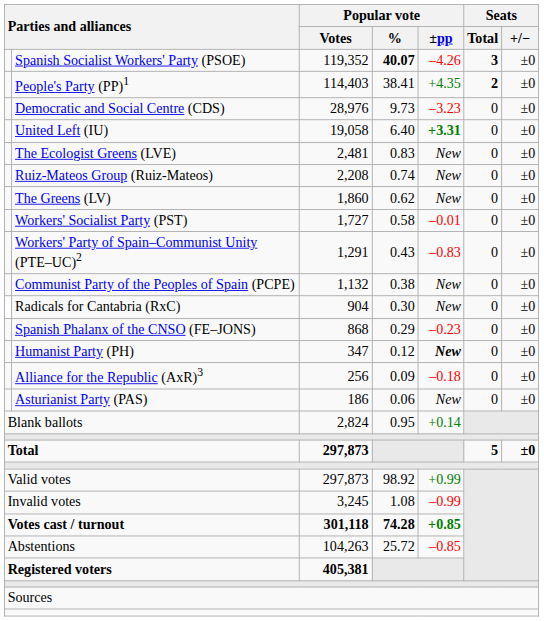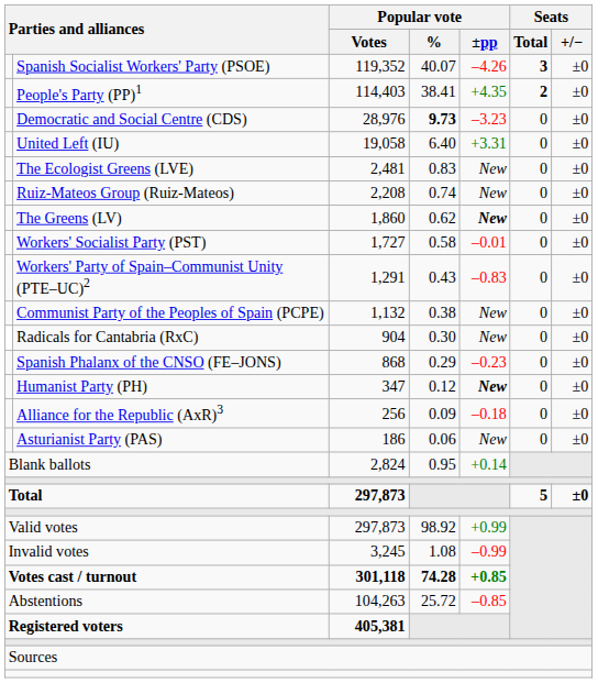 <table class="wikitable" style="text-align:right;">
 <tr>
 <th style="text-align:left;" rowspan="2" colspan="2" width="525">Parties and alliances</th>
 <th colspan="3">Popular vote</th>
 <th colspan="2">Seats</th>
 </tr>
 <tr>
 <th width="75">Votes</th>
 <th width="45">%</th>
 <th width="45">±<a href='#'>pp</a></th>
 <th width="35">Total</th>
 <th width="35">+/−</th>
 </tr>
 <tr>
 <td width="1" style="color:inherit;background:"></td>
 <td align="left"><a href='#'>Spanish Socialist Workers' Party</a> (PSOE)</td>
 <td>119,352</td>
-<td><strong>40.07</strong></td>
+<td>40.07</td>
 <td style="color:red;">–4.26</td>
 <td><strong>3</strong></td>
 <td>±0</td>
 </tr>
 <tr>
 <td style="color:inherit;background:"></td>
 <td align="left"><a href='#'>People's Party</a> (PP)<sup>1</sup></td>
 <td>114,403</td>
 <td>38.41</td>
 <td style="color:green;">+4.35</td>
 <td><strong>2</strong></td>
 <td>±0</td>
 </tr>
 <tr>
 <td style="color:inherit;background:"></td>
 <td align="left"><a href='#'>Democratic and Social Centre</a> (CDS)</td>
 <td>28,976</td>
-<td>9.73</td>
+<td><strong>9.73</strong></td>
 <td style="color:red;">–3.23</td>
 <td>0</td>
 <td>±0</td>
 </tr>
 <tr>
 <td style="color:inherit;background:"></td>
 <td align="left"><a href='#'>United Left</a> (IU)</td>
 <td>19,058</td>
 <td>6.40</td>
-<td style="color:green;"><strong>+3.31</strong></td>
+<td style="color:green;">+3.31</td>
 <td>0</td>
 <td>±0</td>
 </tr>
 <tr>
 <td style="color:inherit;background:"></td>
 <td align="left"><a href='#'>The Ecologist Greens</a> (LVE)</td>
 <td>2,481</td>
 <td>0.83</td>
 <td><em>New</em></td>
 <td>0</td>
 <td>±0</td>
 </tr>
 <tr>
 <td style="color:inherit;background:"></td>
 <td align="left"><a href='#'>Ruiz-Mateos Group</a> (Ruiz-Mateos)</td>
 <td>2,208</td>
 <td>0.74</td>
 <td><em>New</em></td>
 <td>0</td>
 <td>±0</td>
 </tr>
 <tr>
 <td style="color:inherit;background:"></td>
 <td align="left"><a href='#'>The Greens</a> (LV)</td>
 <td>1,860</td>
 <td>0.62</td>
-<td><em>New</em></td>
+<td><strong><em>New</em></strong></td>
 <td>0</td>
 <td>±0</td>
 </tr>
 <tr>
 <td style="color:inherit;background:"></td>
 <td align="left"><a href='#'>Workers' Socialist Party</a> (PST)</td>
 <td>1,727</td>
 <td>0.58</td>
 <td style="color:red;">–0.01</td>
 <td>0</td>
 <td>±0</td>
 </tr>
 <tr>
 <td style="color:inherit;background:"></td>
 <td align="left"><a href='#'>Workers' Party of Spain–Communist Unity</a> (PTE–UC)<sup>2</sup></td>
 <td>1,291</td>
 <td>0.43</td>
 <td style="color:red;">–0.83</td>
 <td>0</td>
 <td>±0</td>
 </tr>
 <tr>
 <td style="color:inherit;background:"></td>
 <td align="left"><a href='#'>Communist Party of the Peoples of Spain</a> (PCPE)</td>
 <td>1,132</td>
 <td>0.38</td>
 <td><em>New</em></td>
 <td>0</td>
 <td>±0</td>
 </tr>
 <tr>
 <td bgcolor="white"></td>
 <td align="left">Radicals for Cantabria (RxC)</td>
 <td>904</td>
 <td>0.30</td>
 <td><em>New</em></td>
 <td>0</td>
 <td>±0</td>
 </tr>
 <tr>
 <td style="color:inherit;background:"></td>
 <td align="left"><a href='#'>Spanish Phalanx of the CNSO</a> (FE–JONS)</td>
 <td>868</td>
 <td>0.29</td>
 <td style="color:red;">–0.23</td>
 <td>0</td>
 <td>±0</td>
 </tr>
 <tr>
 <td style="color:inherit;background:"></td>
 <td align="left"><a href='#'>Humanist Party</a> (PH)</td>
 <td>347</td>
 <td>0.12</td>
 <td><strong><em>New</em></strong></td>
 <td>0</td>
 <td>±0</td>
 </tr>
 <tr>
 <td style="color:inherit;background:"></td>
 <td align="left"><a href='#'>Alliance for the Republic</a> (AxR)<sup>3</sup></td>
 <td>256</td>
 <td>0.09</td>
 <td style="color:red;">–0.18</td>
 <td>0</td>
 <td>±0</td>
 </tr>
 <tr>
 <td style="color:inherit;background:"></td>
 <td align="left"><a href='#'>Asturianist Party</a> (PAS)</td>
 <td>186</td>
 <td>0.06</td>
 <td><em>New</em></td>
 <td>0</td>
 <td>±0</td>
 </tr>
 <tr>
 <td align="left" colspan="2">Blank ballots</td>
 <td>2,824</td>
 <td>0.95</td>
 <td style="color:green;">+0.14</td>
 <td bgcolor="#E9E9E9" colspan="2"></td>
 </tr>
 <tr>
 <td colspan="7" bgcolor="#E9E9E9"></td>
 </tr>
 <tr style="font-weight:bold;">
 <td align="left" colspan="2">Total</td>
 <td>297,873</td>
 <td bgcolor="#E9E9E9" colspan="2"></td>
 <td>5</td>
 <td>±0</td>
 </tr>
 <tr>
 <td colspan="7" bgcolor="#E9E9E9"></td>
 </tr>
 <tr>
 <td align="left" colspan="2">Valid votes</td>
 <td>297,873</td>
 <td>98.92</td>
 <td style="color:green;">+0.99</td>
 <td bgcolor="#E9E9E9" colspan="2" rowspan="5"></td>
 </tr>
 <tr>
 <td align="left" colspan="2">Invalid votes</td>
 <td>3,245</td>
 <td>1.08</td>
 <td style="color:red;">–0.99</td>
 </tr>
 <tr style="font-weight:bold;">
 <td align="left" colspan="2">Votes cast / turnout</td>
 <td>301,118</td>
 <td>74.28</td>
 <td style="color:green;">+0.85</td>
 </tr>
 <tr>
 <td align="left" colspan="2">Abstentions</td>
 <td>104,263</td>
 <td>25.72</td>
 <td style="color:red;">–0.85</td>
 </tr>
 <tr style="font-weight:bold;">
 <td align="left" colspan="2">Registered voters</td>
 <td>405,381</td>
 <td bgcolor="#E9E9E9" colspan="2"></td>
 </tr>
 <tr>
 <td colspan="7" bgcolor="#E9E9E9"></td>
 </tr>
 <tr>
 <td align="left" colspan="7">Sources</td>
 </tr>
 <tr>
 <td colspan="7" style="text-align:left; max-width:790px;"></td>
 </tr>
 </table>
